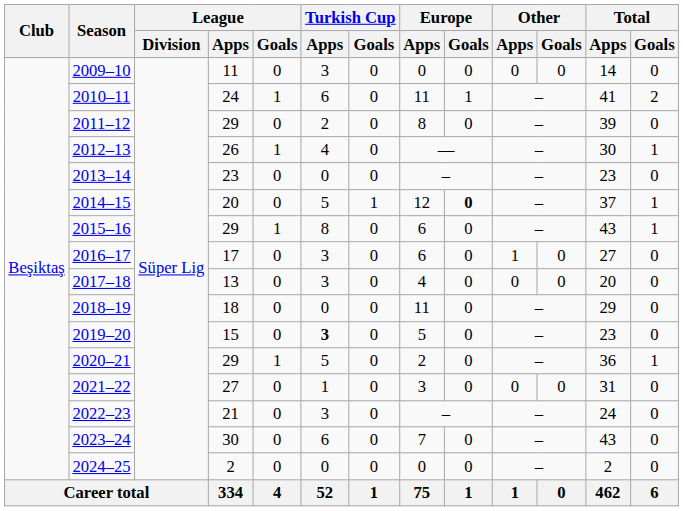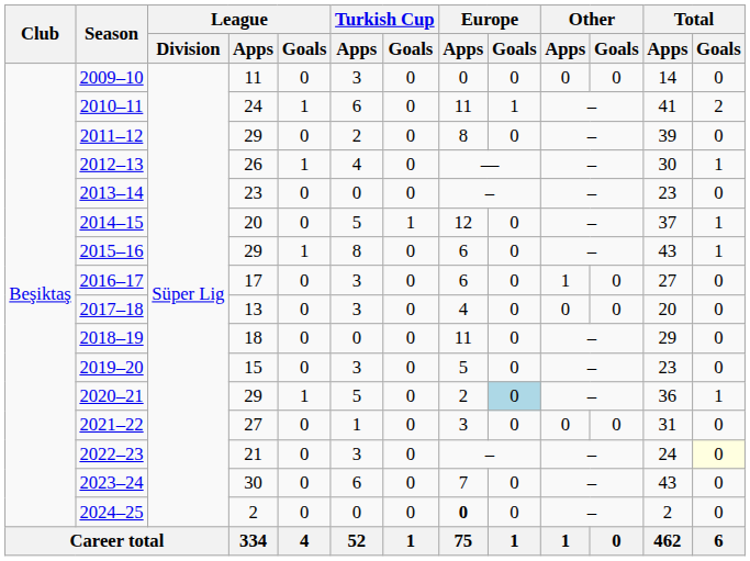 <table class="wikitable" style="text-align:center">
 <tr>
 <th rowspan="2">Club</th>
 <th rowspan="2">Season</th>
 <th colspan="3">League</th>
 <th colspan="2"><a href='#'>Turkish Cup</a></th>
 <th colspan="2">Europe</th>
 <th colspan="2">Other</th>
 <th colspan="2">Total</th>
 </tr>
 <tr>
 <th>Division</th>
 <th>Apps</th>
 <th>Goals</th>
 <th>Apps</th>
 <th>Goals</th>
 <th>Apps</th>
 <th>Goals</th>
 <th>Apps</th>
 <th>Goals</th>
 <th>Apps</th>
 <th>Goals</th>
 </tr>
 <tr>
 <td rowspan="16"><a href='#'>Beşiktaş</a></td>
 <td><a href='#'>2009–10</a></td>
 <td rowspan="16"><a href='#'>Süper Lig</a></td>
 <td>11</td>
 <td>0</td>
 <td>3</td>
 <td>0</td>
 <td>0</td>
 <td>0</td>
 <td>0</td>
 <td>0</td>
 <td>14</td>
 <td>0</td>
 </tr>
 <tr>
 <td><a href='#'>2010–11</a></td>
 <td>24</td>
 <td>1</td>
 <td>6</td>
 <td>0</td>
 <td>11</td>
 <td>1</td>
 <td colspan="2">–</td>
 <td>41</td>
 <td>2</td>
 </tr>
 <tr>
 <td><a href='#'>2011–12</a></td>
 <td>29</td>
 <td>0</td>
 <td>2</td>
 <td>0</td>
 <td>8</td>
 <td>0</td>
 <td colspan="2">–</td>
 <td>39</td>
 <td>0</td>
 </tr>
 <tr>
 <td><a href='#'>2012–13</a></td>
 <td>26</td>
 <td>1</td>
 <td>4</td>
 <td>0</td>
 <td colspan="2">—</td>
 <td colspan="2">–</td>
 <td>30</td>
 <td>1</td>
 </tr>
 <tr>
 <td><a href='#'>2013–14</a></td>
 <td>23</td>
 <td>0</td>
 <td>0</td>
 <td>0</td>
 <td colspan="2">–</td>
 <td colspan="2">–</td>
 <td>23</td>
 <td>0</td>
 </tr>
 <tr>
 <td><a href='#'>2014–15</a></td>
 <td>20</td>
 <td>0</td>
 <td>5</td>
 <td>1</td>
 <td>12</td>
-<td><strong>0</strong></td>
+<td>0</td>
 <td colspan="2">–</td>
 <td>37</td>
 <td>1</td>
 </tr>
 <tr>
 <td><a href='#'>2015–16</a></td>
 <td>29</td>
 <td>1</td>
 <td>8</td>
 <td>0</td>
 <td>6</td>
 <td>0</td>
 <td colspan="2">–</td>
 <td>43</td>
 <td>1</td>
 </tr>
 <tr>
 <td><a href='#'>2016–17</a></td>
 <td>17</td>
 <td>0</td>
 <td>3</td>
 <td>0</td>
 <td>6</td>
 <td>0</td>
 <td>1</td>
 <td>0</td>
 <td>27</td>
 <td>0</td>
 </tr>
 <tr>
 <td><a href='#'>2017–18</a></td>
 <td>13</td>
 <td>0</td>
 <td>3</td>
 <td>0</td>
 <td>4</td>
 <td>0</td>
 <td>0</td>
 <td>0</td>
 <td>20</td>
 <td>0</td>
 </tr>
 <tr>
 <td><a href='#'>2018–19</a></td>
 <td>18</td>
 <td>0</td>
 <td>0</td>
 <td>0</td>
 <td>11</td>
 <td>0</td>
 <td colspan="2">–</td>
 <td>29</td>
 <td>0</td>
 </tr>
 <tr>
 <td><a href='#'>2019–20</a></td>
 <td>15</td>
 <td>0</td>
-<td><strong>3</strong></td>
+<td>3</td>
 <td>0</td>
 <td>5</td>
 <td>0</td>
 <td colspan="2">–</td>
 <td>23</td>
 <td>0</td>
 </tr>
 <tr>
 <td><a href='#'>2020–21</a></td>
 <td>29</td>
 <td>1</td>
 <td>5</td>
 <td>0</td>
 <td>2</td>
-<td>0</td>
+<td style="background: lightblue;">0</td>
 <td colspan="2">–</td>
 <td>36</td>
 <td>1</td>
 </tr>
 <tr>
 <td><a href='#'>2021–22</a></td>
 <td>27</td>
 <td>0</td>
 <td>1</td>
 <td>0</td>
 <td>3</td>
 <td>0</td>
 <td>0</td>
 <td>0</td>
 <td>31</td>
 <td>0</td>
 </tr>
 <tr>
 <td><a href='#'>2022–23</a></td>
 <td>21</td>
 <td>0</td>
 <td>3</td>
 <td>0</td>
 <td colspan="2">–</td>
 <td colspan="2">–</td>
 <td>24</td>
-<td>0</td>
+<td style="background: lightyellow;">0</td>
 </tr>
 <tr>
 <td><a href='#'>2023–24</a></td>
 <td>30</td>
 <td>0</td>
 <td>6</td>
 <td>0</td>
 <td>7</td>
 <td>0</td>
 <td colspan="2">–</td>
 <td>43</td>
 <td>0</td>
 </tr>
 <tr>
 <td><a href='#'>2024–25</a></td>
 <td>2</td>
 <td>0</td>
 <td>0</td>
 <td>0</td>
-<td>0</td>
+<td><strong>0</strong></td>
 <td>0</td>
 <td colspan="2">–</td>
 <td>2</td>
 <td>0</td>
 </tr>
 <tr>
 <th colspan="3">Career total</th>
 <th>334</th>
 <th>4</th>
 <th>52</th>
 <th>1</th>
 <th>75</th>
 <th>1</th>
 <th>1</th>
 <th>0</th>
 <th>462</th>
 <th>6</th>
 </tr>
 </table>
